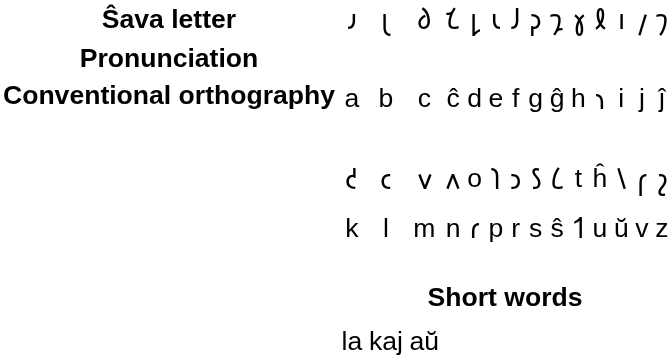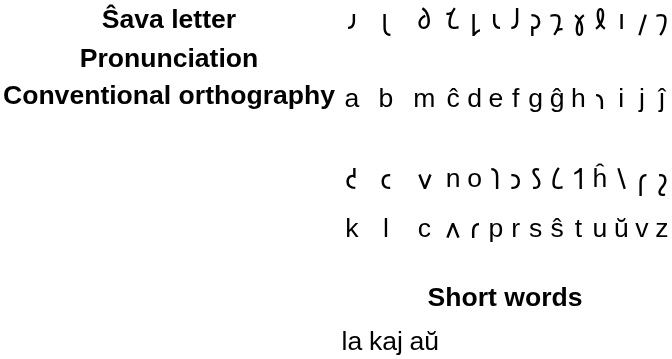 <table style="text-align: center">
 <tr>
 <th>Ŝava letter</th>
 <td>𐑨</td>
 <td>𐑚</td>
 <td>𐑔</td>
 <td>𐑗</td>
 <td>𐑛</td>
 <td>𐑧</td>
 <td>𐑓</td>
 <td>𐑜</td>
 <td>𐑡</td>
 <td>𐑣</td>
 <td>𐑙</td>
 <td>𐑦</td>
 <td>𐑢</td>
 <td>𐑠</td>
 </tr>
 <tr>
 <th>Pronunciation</th>
 <td><span><strong></strong></span></td>
 <td></td>
 <td><span><strong></strong></span></td>
 <td></td>
 <td></td>
 <td><span><strong></strong></span></td>
 <td></td>
 <td></td>
 <td></td>
 <td></td>
 <td><span><strong></strong></span></td>
 <td><span><strong></strong></span></td>
 <td><span><strong></strong></span></td>
 <td></td>
 </tr>
 <tr>
 <th rowspan="10" valign="top">Conventional orthography</th>
 <td>a</td>
 <td>b</td>
-<td>c</td>
+<td>m</td>
 <td>ĉ</td>
 <td>d</td>
 <td>e</td>
 <td>f</td>
 <td>g</td>
 <td>ĝ</td>
 <td>h</td>
 <td>𐑪</td>
 <td>i</td>
 <td>j</td>
 <td>ĵ</td>
 </tr>
 <tr>
 <td> </td>
 </tr>
 <tr lang="eo-Shaw">
 <td>𐑒</td>
 <td>𐑤</td>
 <td>𐑫</td>
-<td>𐑵</td>
+<td>n</td>
 <td>o</td>
 <td>𐑐</td>
 <td>𐑮</td>
 <td>𐑕</td>
 <td>𐑖</td>
-<td>t</td>
+<td>𐑑</td>
 <td>ĥ</td>
 <td>𐑘</td>
 <td>𐑝</td>
 <td>𐑟</td>
 </tr>
 <tr>
 <td></td>
 <td></td>
 <td><span><strong></strong></span></td>
 <td><span><strong></strong></span></td>
 <td><span><strong></strong></span></td>
 <td></td>
 <td></td>
 <td></td>
 <td></td>
 <td></td>
 <td><span><strong></strong></span></td>
 <td><span><strong></strong></span></td>
 <td></td>
 <td></td>
 </tr>
 <tr>
 <td>k</td>
 <td>l</td>
-<td>m</td>
-<td>n</td>
+<td>c</td>
+<td>𐑵</td>
 <td>𐑩</td>
 <td>p</td>
 <td>r</td>
 <td>s</td>
 <td>ŝ</td>
-<td>𐑑</td>
+<td>t</td>
 <td>u</td>
 <td>ŭ</td>
 <td>v</td>
 <td>z</td>
 </tr>
 <tr>
 <th colspan="14"><br>Short words</th>
 </tr>
 <tr>
 <td></td>
 <td></td>
 <td></td>
 </tr>
 <tr>
 <td>la</td>
 <td>kaj</td>
 <td>aŭ</td>
 </tr>
 </table>
